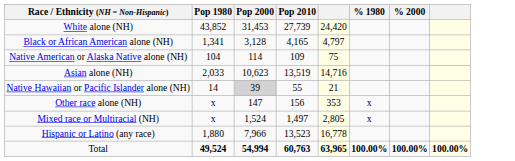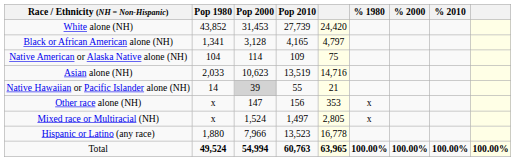 <table class="wikitable" style="text-align:center;">
 <tr>
 <th>Race / Ethnicity <small>(<em>NH = Non-Hispanic</em>)</small></th>
 <th>Pop 1980</th>
 <th>Pop 2000</th>
 <th>Pop 2010</th>
 <th></th>
 <th>% 1980</th>
 <th>% 2000</th>
+<th>% 2010</th>
 <th></th>
 </tr>
 <tr>
 <td><a href='#'>White</a> alone (NH)</td>
 <td>43,852</td>
 <td>31,453</td>
 <td>27,739</td>
 <td style='background: #ffffe6;'>24,420</td>
+<td></td>
 <td></td>
 <td></td>
 <td style='background: #ffffe6;'></td>
 </tr>
 <tr>
 <td><a href='#'>Black or African American</a> alone (NH)</td>
 <td>1,341</td>
 <td>3,128</td>
 <td>4,165</td>
 <td style='background: #ffffe6;'>4,797</td>
 <td></td>
 <td></td>
+<td></td>
 <td style='background: #ffffe6;'></td>
 </tr>
 <tr>
 <td><a href='#'>Native American</a> or <a href='#'>Alaska Native</a> alone (NH)</td>
 <td>104</td>
 <td>114</td>
 <td>109</td>
 <td style='background: #ffffe6;'>75</td>
+<td></td>
 <td></td>
 <td></td>
 <td style='background: #ffffe6;'></td>
 </tr>
 <tr>
 <td><a href='#'>Asian</a> alone (NH)</td>
 <td>2,033</td>
 <td>10,623</td>
 <td>13,519</td>
 <td style='background: #ffffe6;'>14,716</td>
 <td></td>
 <td></td>
+<td></td>
 <td style='background: #ffffe6;'></td>
 </tr>
 <tr>
 <td><a href='#'>Native Hawaiian</a> or <a href='#'>Pacific Islander</a> alone (NH)</td>
 <td>14</td>
 <td style="background: lightgrey;">39</td>
 <td>55</td>
 <td style='background: #ffffe6;'>21</td>
+<td></td>
 <td></td>
 <td></td>
 <td style='background: #ffffe6;'></td>
 </tr>
 <tr>
 <td><a href='#'>Other race</a> alone (NH)</td>
 <td>x</td>
 <td>147</td>
 <td>156</td>
 <td style='background: #ffffe6;'>353</td>
 <td>x</td>
 <td></td>
+<td></td>
 <td style='background: #ffffe6;'></td>
 </tr>
 <tr>
 <td><a href='#'>Mixed race or Multiracial</a> (NH)</td>
 <td>x</td>
 <td>1,524</td>
 <td>1,497</td>
 <td style='background: #ffffe6;'>2,805</td>
 <td>x</td>
 <td></td>
+<td></td>
 <td style='background: #ffffe6;'></td>
 </tr>
 <tr>
 <td><a href='#'>Hispanic or Latino</a> (any race)</td>
 <td>1,880</td>
 <td>7,966</td>
 <td>13,523</td>
 <td style='background: #ffffe6;'>16,778</td>
+<td></td>
 <td></td>
 <td></td>
 <td style='background: #ffffe6;'></td>
 </tr>
 <tr>
 <td>Total</td>
 <td><strong>49,524</strong></td>
 <td><strong>54,994</strong></td>
 <td><strong>60,763</strong></td>
 <td style='background: #ffffe6;'><strong>63,965</strong></td>
 <td><strong>100.00%</strong></td>
 <td><strong>100.00%</strong></td>
+<td><strong>100.00%</strong></td>
 <td style='background: #ffffe6;'><strong>100.00%</strong></td>
 </tr>
 </table>
